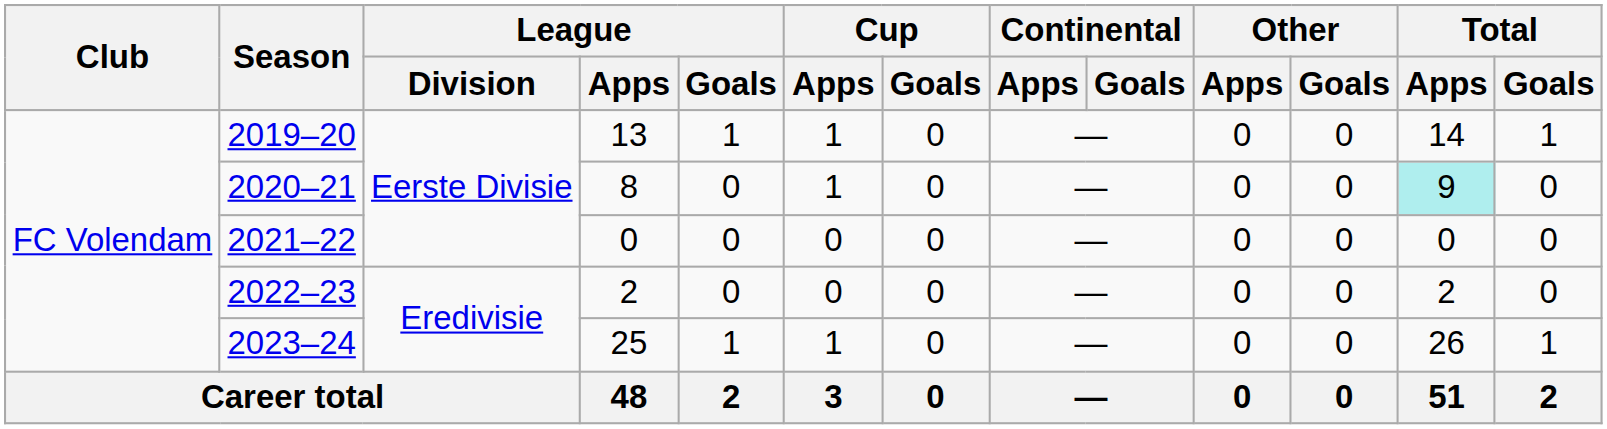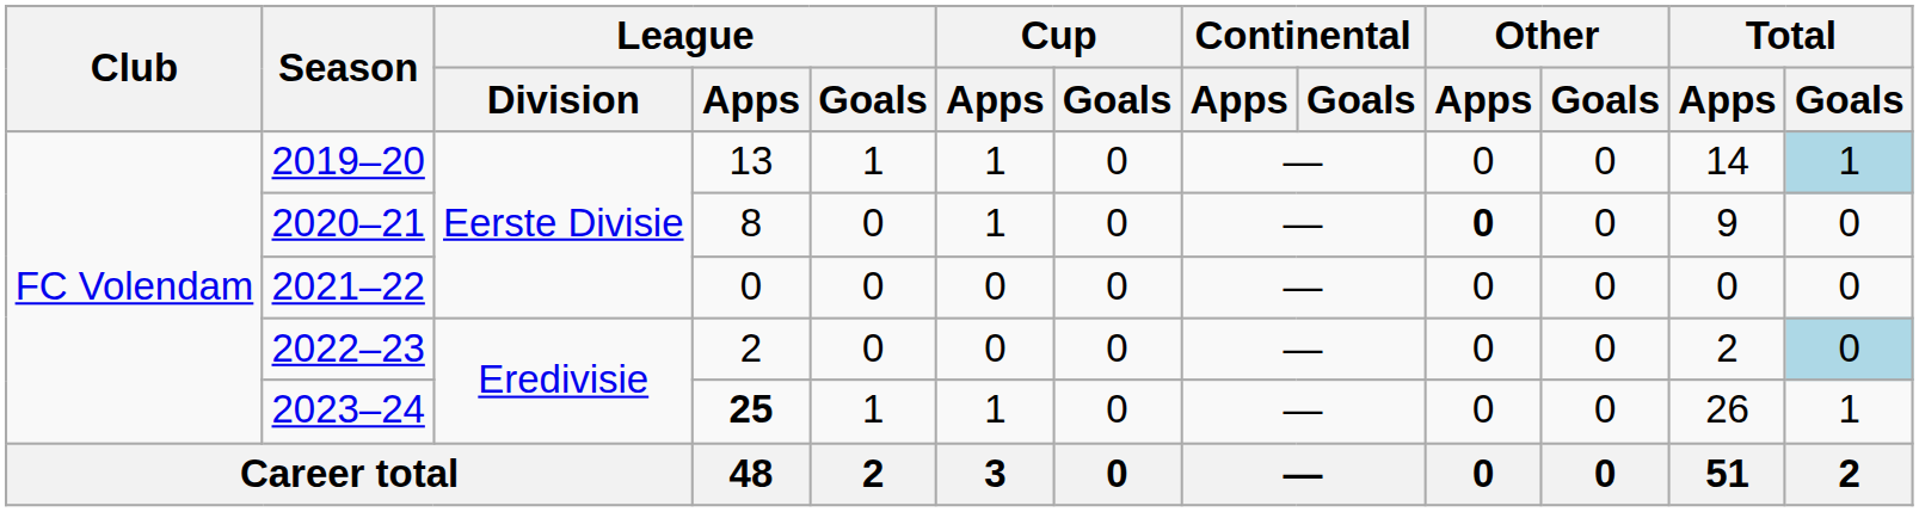 <table class="wikitable" style="text-align:center">
 <tr>
 <th rowspan="2">Club</th>
 <th rowspan="2">Season</th>
 <th colspan="3">League</th>
 <th colspan="2">Cup</th>
 <th colspan="2">Continental</th>
 <th colspan="2">Other</th>
 <th colspan="2">Total</th>
 </tr>
 <tr>
 <th>Division</th>
 <th>Apps</th>
 <th>Goals</th>
 <th>Apps</th>
 <th>Goals</th>
 <th>Apps</th>
 <th>Goals</th>
 <th>Apps</th>
 <th>Goals</th>
 <th>Apps</th>
 <th>Goals</th>
 </tr>
 <tr>
 <td rowspan="5"><a href='#'>FC Volendam</a></td>
 <td><a href='#'>2019–20</a></td>
 <td rowspan="3"><a href='#'>Eerste Divisie</a></td>
 <td>13</td>
 <td>1</td>
 <td>1</td>
 <td>0</td>
 <td colspan="2">—</td>
 <td>0</td>
 <td>0</td>
 <td>14</td>
-<td>1</td>
+<td style="background: lightblue;">1</td>
 </tr>
 <tr>
 <td><a href='#'>2020–21</a></td>
 <td>8</td>
 <td>0</td>
 <td>1</td>
 <td>0</td>
 <td colspan="2">—</td>
+<td><strong>0</strong></td>
 <td>0</td>
-<td>0</td>
-<td style="background: paleturquoise;">9</td>
+<td>9</td>
 <td>0</td>
 </tr>
 <tr>
 <td><a href='#'>2021–22</a></td>
 <td>0</td>
 <td>0</td>
 <td>0</td>
 <td>0</td>
 <td colspan="2">—</td>
 <td>0</td>
 <td>0</td>
 <td>0</td>
 <td>0</td>
 </tr>
 <tr>
 <td><a href='#'>2022–23</a></td>
 <td rowspan="2"><a href='#'>Eredivisie</a></td>
 <td>2</td>
 <td>0</td>
 <td>0</td>
 <td>0</td>
 <td colspan="2">—</td>
 <td>0</td>
 <td>0</td>
 <td>2</td>
-<td>0</td>
+<td style="background: lightblue;">0</td>
 </tr>
 <tr>
 <td><a href='#'>2023–24</a></td>
-<td>25</td>
+<td><strong>25</strong></td>
 <td>1</td>
 <td>1</td>
 <td>0</td>
 <td colspan="2">—</td>
 <td>0</td>
 <td>0</td>
 <td>26</td>
 <td>1</td>
 </tr>
 <tr>
 <th colspan="3">Career total</th>
 <th>48</th>
 <th>2</th>
 <th>3</th>
 <th>0</th>
 <th colspan="2">—</th>
 <th>0</th>
 <th>0</th>
 <th>51</th>
 <th>2</th>
 </tr>
 </table>
